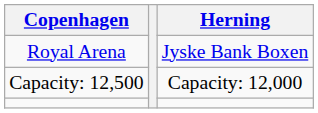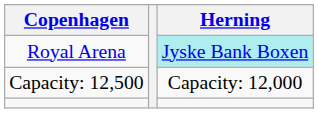 <table class="wikitable" style="text-align:center;">
 <tr>
 <th> <a href='#'>Copenhagen</a></th>
 <th rowspan=5></th>
 <th> <a href='#'>Herning</a></th>
 </tr>
 <tr>
 <td><a href='#'>Royal Arena</a></td>
-<td><a href='#'>Jyske Bank Boxen</a></td>
+<td style="background: paleturquoise;"><a href='#'>Jyske Bank Boxen</a></td>
 </tr>
 <tr>
 <td>Capacity: 12,500</td>
 <td>Capacity: 12,000</td>
 </tr>
 <tr>
 <td></td>
 <td></td>
 </tr>
 </table>
